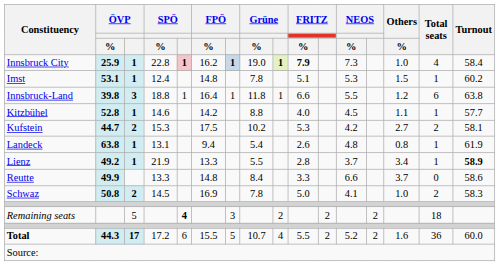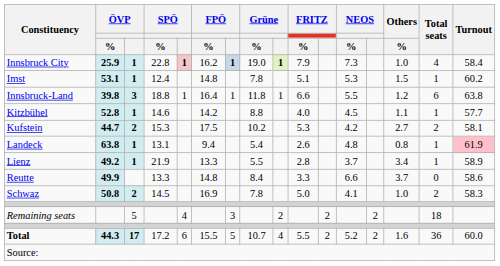 <table class="wikitable" style="text-align:center;font-size:90%;line-height:16px">
 <tr style="height:40px;">
 <th style="width:120px;" rowspan="3">Constituency</th>
 <th style="width:60px;" colspan="2"><a href='#'>ÖVP</a></th>
 <th style="width:60px;" colspan="2"><a href='#'>SPÖ</a></th>
 <th style="width:60px;" colspan="2"><a href='#'>FPÖ</a></th>
 <th style="width:60px;" colspan="2"><a href='#'>Grüne</a></th>
 <th style="width:60px;" colspan="2"><a href='#'>FRITZ</a></th>
 <th style="width:60px;" colspan="2"><a href='#'>NEOS</a></th>
 <th class="unsortable" style="width:40px;" rowspan="2">Others</th>
 <th class="unsortable" style="width:40px;" rowspan="3">Total<br>seats</th>
 <th class="unsortable" style="width:40px;" rowspan="3">Turnout</th>
 </tr>
 <tr>
 <th colspan="2" style="background:"></th>
 <th colspan="2" style="background:"></th>
 <th colspan="2" style="background:"></th>
 <th colspan="2" style="background:"></th>
 <th colspan="2" style="background:#E43226;"></th>
 <th colspan="2" style="background:"></th>
 </tr>
 <tr>
 <th class=unsortable>%</th>
 <th class=unsortable></th>
 <th class=unsortable>%</th>
 <th class=unsortable></th>
 <th class=unsortable>%</th>
 <th class=unsortable></th>
 <th class=unsortable>%</th>
 <th class=unsortable></th>
 <th class=unsortable>%</th>
 <th class=unsortable></th>
 <th class=unsortable>%</th>
 <th class=unsortable></th>
 <th class=unsortable>%</th>
 </tr>
 <tr>
 <td align=left><a href='#'>Innsbruck City</a></td>
 <td bgcolor=#D2EDF1><strong>25.9</strong></td>
 <td bgcolor=#D2EDF1><strong>1</strong></td>
 <td>22.8</td>
 <td bgcolor=#F4C6C9><strong>1</strong></td>
 <td>16.2</td>
 <td bgcolor=#C6D9EA><strong>1</strong></td>
 <td>19.0</td>
 <td bgcolor=#E2F2C0><strong>1</strong></td>
-<td><strong>7.9</strong></td>
+<td>7.9</td>
 <td></td>
 <td>7.3</td>
 <td></td>
 <td>1.0</td>
 <td>4</td>
 <td>58.4</td>
 </tr>
 <tr>
 <td align=left><a href='#'>Imst</a></td>
 <td bgcolor=#D2EDF1><strong>53.1</strong></td>
 <td bgcolor=#D2EDF1><strong>1</strong></td>
 <td>12.4</td>
 <td></td>
 <td>14.8</td>
 <td></td>
 <td>7.8</td>
 <td></td>
 <td>5.1</td>
 <td></td>
 <td>5.3</td>
 <td></td>
 <td>1.5</td>
 <td>1</td>
 <td>60.2</td>
 </tr>
 <tr>
 <td align=left><a href='#'>Innsbruck-Land</a></td>
 <td bgcolor=#D2EDF1><strong>39.8</strong></td>
 <td bgcolor=#D2EDF1><strong>3</strong></td>
 <td>18.8</td>
 <td>1</td>
 <td>16.4</td>
 <td>1</td>
 <td>11.8</td>
 <td>1</td>
 <td>6.6</td>
 <td></td>
 <td>5.5</td>
 <td></td>
 <td>1.2</td>
 <td>6</td>
 <td>63.8</td>
 </tr>
 <tr>
 <td align=left><a href='#'>Kitzbühel</a></td>
 <td bgcolor=#D2EDF1><strong>52.8</strong></td>
 <td bgcolor=#D2EDF1><strong>1</strong></td>
 <td>14.6</td>
 <td></td>
 <td>14.2</td>
 <td></td>
 <td>8.8</td>
 <td></td>
 <td>4.0</td>
 <td></td>
 <td>4.5</td>
 <td></td>
 <td>1.1</td>
 <td>1</td>
 <td>57.7</td>
 </tr>
 <tr>
 <td align=left><a href='#'>Kufstein</a></td>
 <td bgcolor=#D2EDF1><strong>44.7</strong></td>
 <td bgcolor=#D2EDF1><strong>2</strong></td>
 <td>15.3</td>
 <td></td>
 <td>17.5</td>
 <td></td>
 <td>10.2</td>
 <td></td>
 <td>5.3</td>
 <td></td>
 <td>4.2</td>
 <td></td>
 <td>2.7</td>
 <td>2</td>
 <td>58.1</td>
 </tr>
 <tr>
 <td align=left><a href='#'>Landeck</a></td>
 <td bgcolor=#D2EDF1><strong>63.8</strong></td>
 <td bgcolor=#D2EDF1><strong>1</strong></td>
 <td>13.1</td>
 <td></td>
 <td>9.4</td>
 <td></td>
 <td>5.4</td>
 <td></td>
 <td>2.6</td>
 <td></td>
 <td>4.8</td>
 <td></td>
 <td>0.8</td>
 <td>1</td>
-<td>61.9</td>
+<td style="background: pink;">61.9</td>
 </tr>
 <tr>
 <td align=left><a href='#'>Lienz</a></td>
 <td bgcolor=#D2EDF1><strong>49.2</strong></td>
 <td bgcolor=#D2EDF1><strong>1</strong></td>
 <td>21.9</td>
 <td></td>
 <td>13.3</td>
 <td></td>
 <td>5.5</td>
 <td></td>
 <td>2.8</td>
 <td></td>
 <td>3.7</td>
 <td></td>
 <td>3.4</td>
 <td>1</td>
-<td><strong>58.9</strong></td>
+<td>58.9</td>
 </tr>
 <tr>
 <td align=left><a href='#'>Reutte</a></td>
 <td bgcolor=#D2EDF1><strong>49.9</strong></td>
 <td></td>
 <td>13.3</td>
 <td></td>
 <td>14.8</td>
 <td></td>
 <td>8.4</td>
 <td></td>
 <td>3.3</td>
 <td></td>
 <td>6.6</td>
 <td></td>
 <td>3.7</td>
 <td>0</td>
 <td>58.6</td>
 </tr>
 <tr>
 <td align=left><a href='#'>Schwaz</a></td>
 <td bgcolor=#D2EDF1><strong>50.8</strong></td>
 <td bgcolor=#D2EDF1><strong>2</strong></td>
 <td>14.5</td>
 <td></td>
 <td>16.9</td>
 <td></td>
 <td>7.8</td>
 <td></td>
 <td>5.0</td>
 <td></td>
 <td>4.1</td>
 <td></td>
 <td>1.0</td>
 <td>2</td>
 <td>58.3</td>
 </tr>
 <tr>
 <td colspan=16 bgcolor=lightgrey></td>
 </tr>
 <tr>
 <td align=left><em>Remaining seats</em></td>
 <td></td>
 <td>5</td>
 <td></td>
-<td><strong>4</strong></td>
+<td>4</td>
 <td></td>
 <td>3</td>
 <td></td>
 <td>2</td>
 <td></td>
 <td>2</td>
 <td></td>
 <td>2</td>
 <td></td>
 <td>18</td>
 <td></td>
 </tr>
 <tr>
 <td colspan=16 bgcolor=lightgrey></td>
 </tr>
 <tr>
 <td align=left><strong>Total</strong></td>
 <td bgcolor=#D2EDF1><strong>44.3</strong></td>
 <td bgcolor=#D2EDF1><strong>17</strong></td>
 <td>17.2</td>
 <td>6</td>
 <td>15.5</td>
 <td>5</td>
 <td>10.7</td>
 <td>4</td>
 <td>5.5</td>
 <td>2</td>
 <td>5.2</td>
 <td>2</td>
 <td>1.6</td>
 <td>36</td>
 <td>60.0</td>
 </tr>
 <tr class=sortbottom>
 <td colspan=16 align=left>Source: </td>
 </tr>
 </table>
